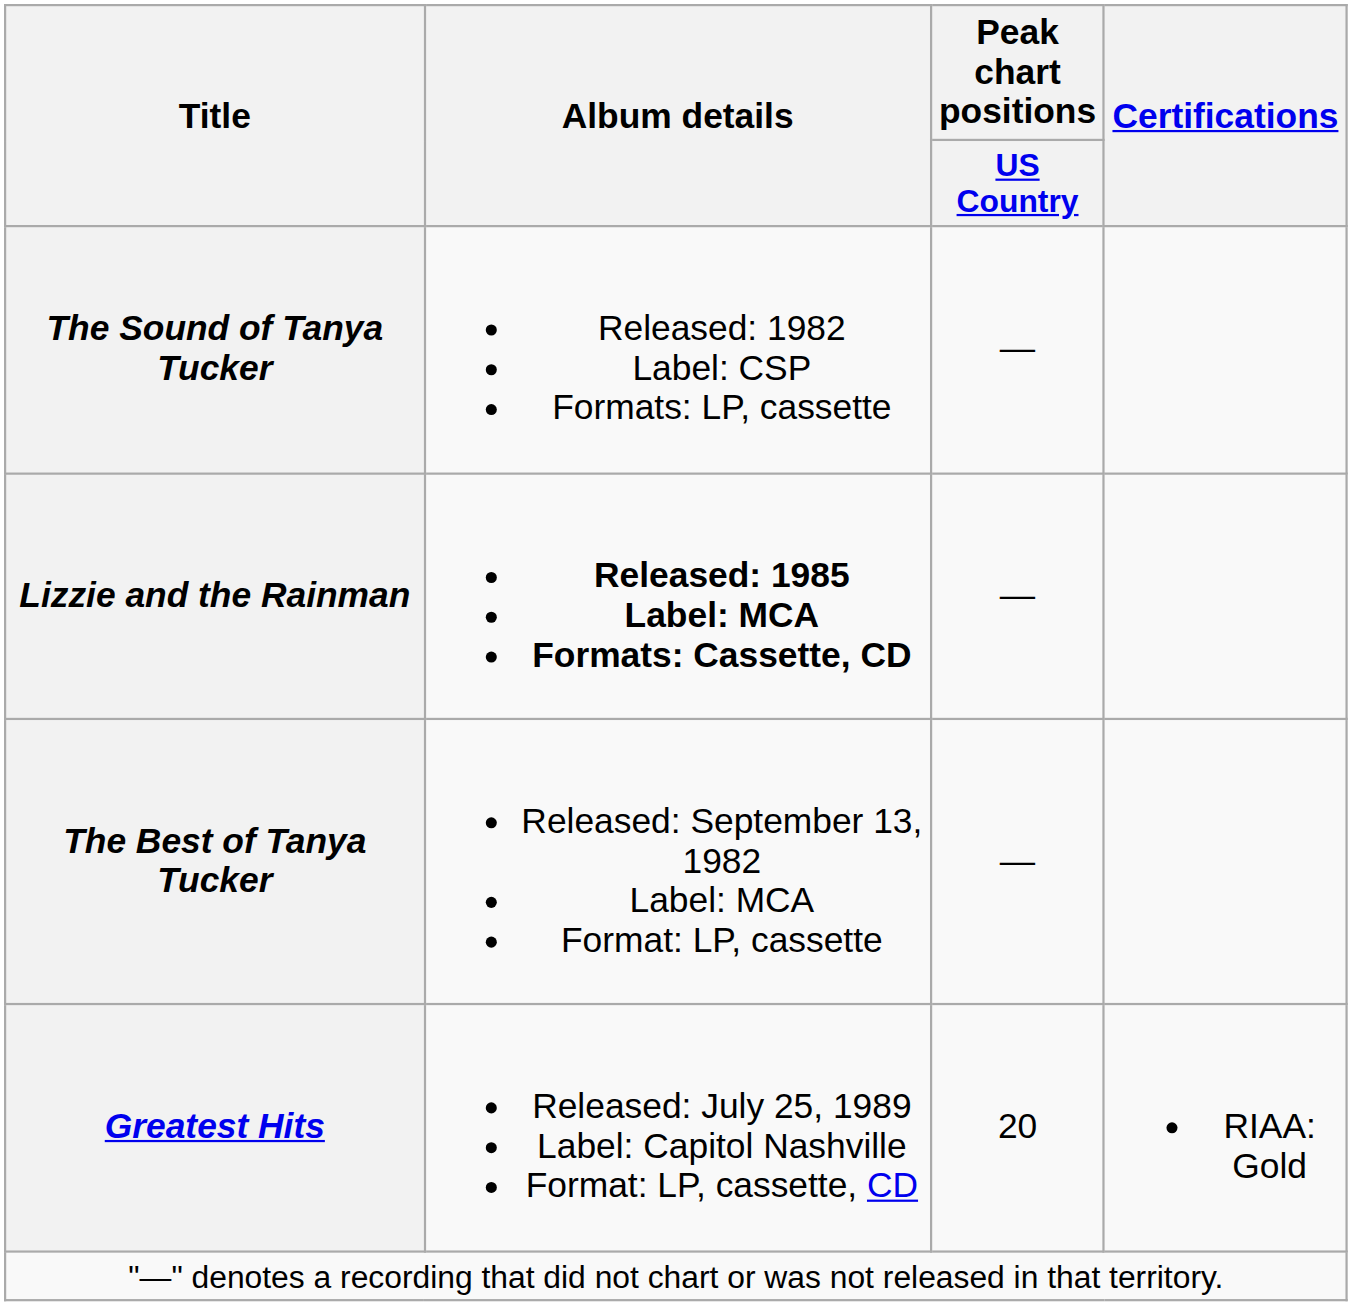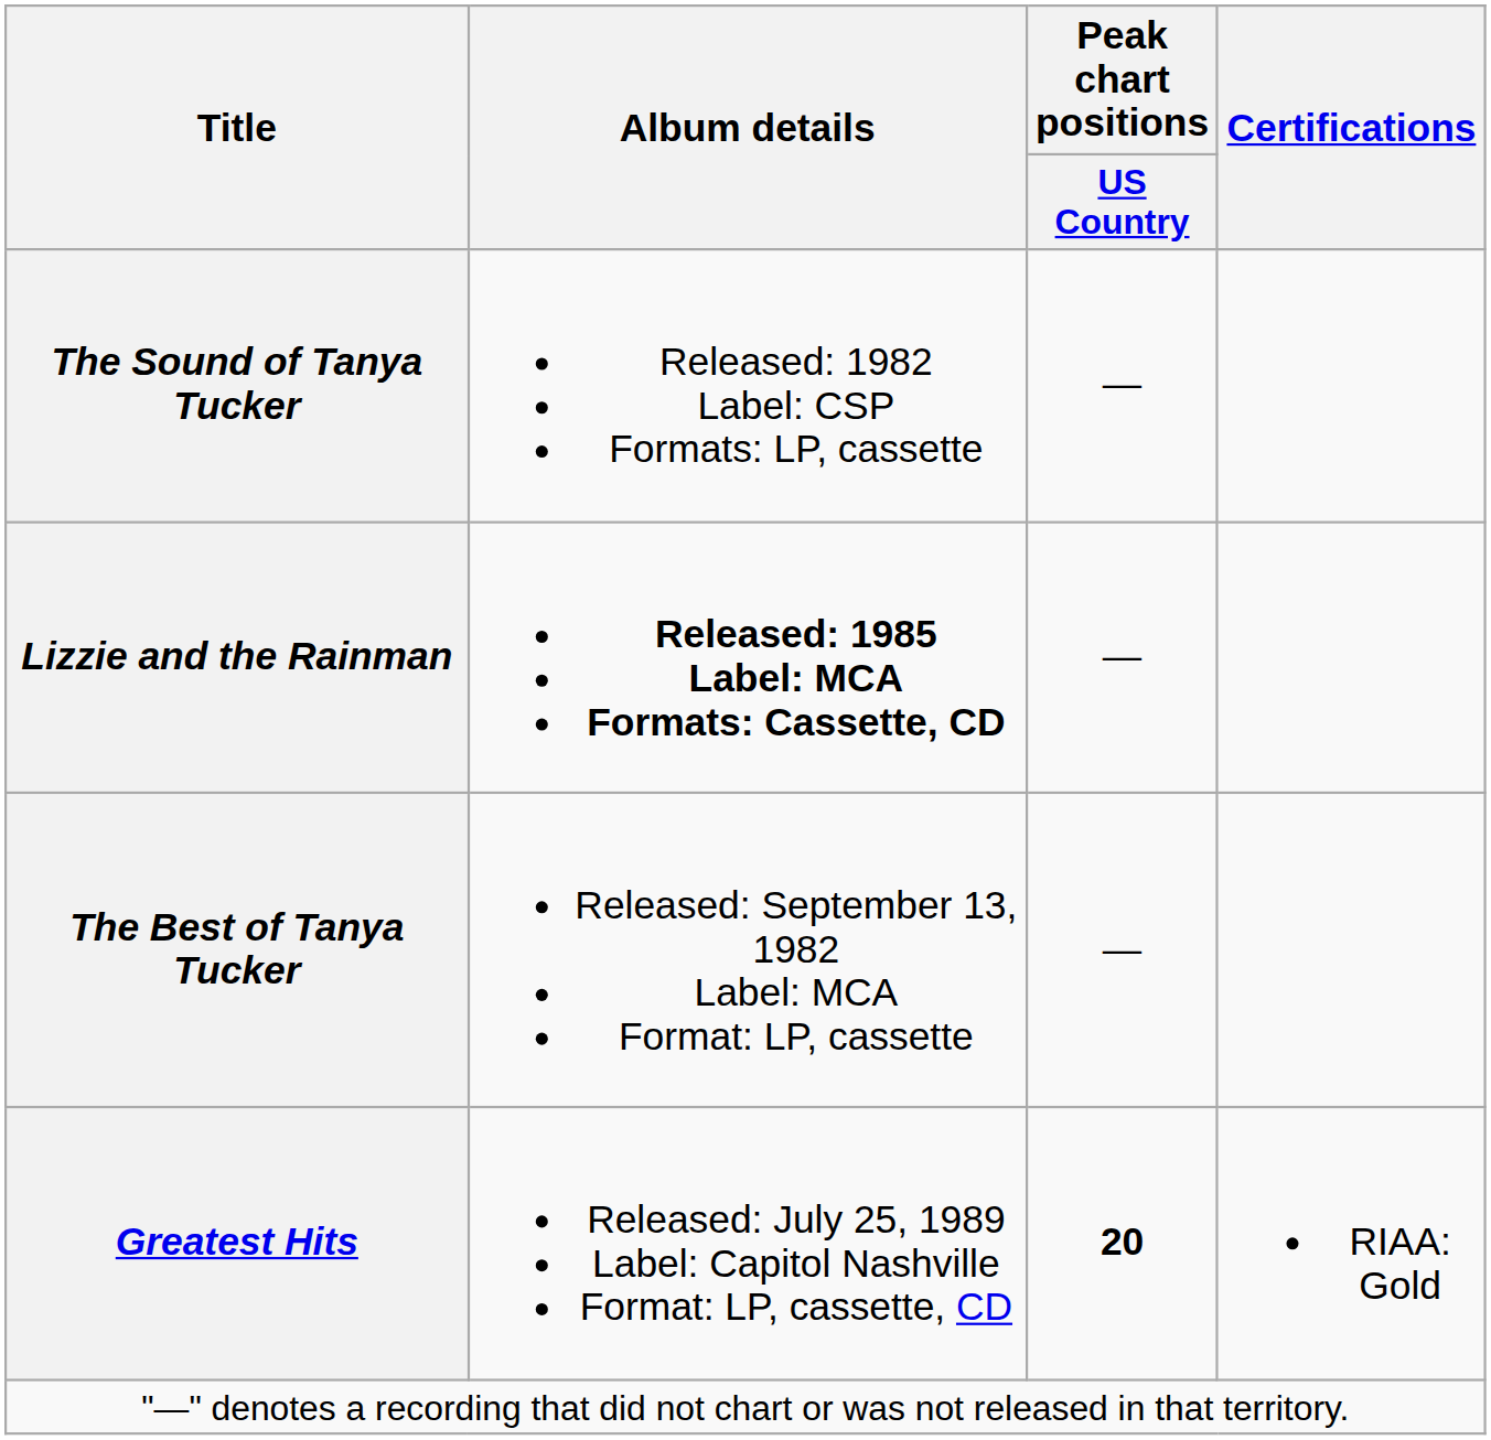 <table class="wikitable plainrowheaders" style="text-align:center;" border="1">
 <tr>
 <th scope="col" rowspan="2" style="width:16em;">Title</th>
 <th scope="col" rowspan="2" style="width:18em;">Album details</th>
 <th scope="col" colspan="1">Peak<br>chart<br>positions</th>
 <th scope="col" rowspan="2"><a href='#'>Certifications</a></th>
 </tr>
 <tr>
 <th scope="col" style="width:3em;font-size:90%;"><a href='#'>US<br>Country</a><br></th>
 </tr>
 <tr>
 <th scope="row"><em>The Sound of Tanya Tucker</em></th>
 <td><br><ul><li>Released: 1982</li><li>Label: CSP</li><li>Formats: LP, cassette</li></ul></td>
 <td>—</td>
 <td></td>
 </tr>
 <tr>
 <th scope="row"><em>Lizzie and the Rainman</em></th>
 <td><strong><br><ul><li>Released: 1985</li><li>Label: MCA</li><li>Formats: Cassette, CD</li></ul></strong></td>
 <td>—</td>
 <td></td>
 </tr>
 <tr>
 <th scope="row"><em>The Best of Tanya Tucker</em></th>
 <td><br><ul><li>Released: September 13, 1982</li><li>Label: MCA</li><li>Format: LP, cassette</li></ul></td>
 <td>—</td>
 <td></td>
 </tr>
 <tr>
 <th scope="row"><em><a href='#'>Greatest Hits</a></em></th>
 <td><br><ul><li>Released: July 25, 1989</li><li>Label: Capitol Nashville</li><li>Format: LP, cassette, <a href='#'>CD</a></li></ul></td>
-<td>20</td>
+<td><strong>20</strong></td>
 <td><br><ul><li>RIAA: Gold</li></ul></td>
 </tr>
 <tr>
 <td colspan="5" style="font-size:90%">"—" denotes a recording that did not chart or was not released in that territory.</td>
 </tr>
 </table>
